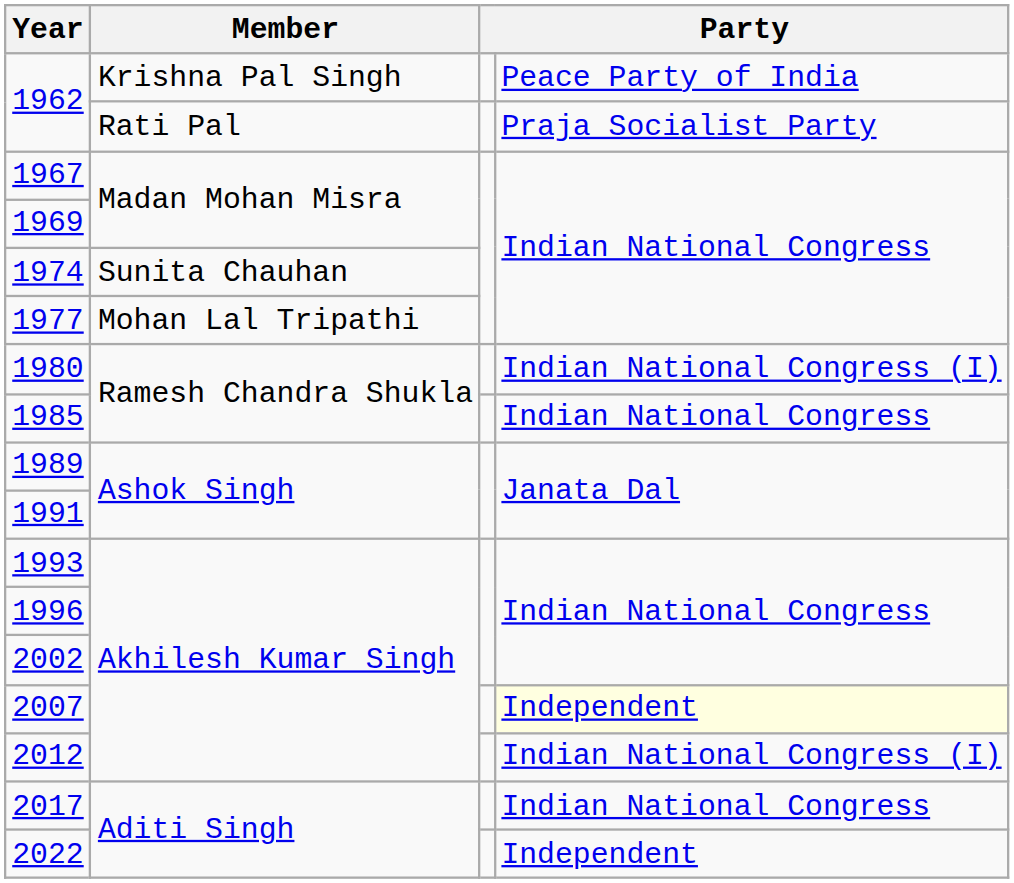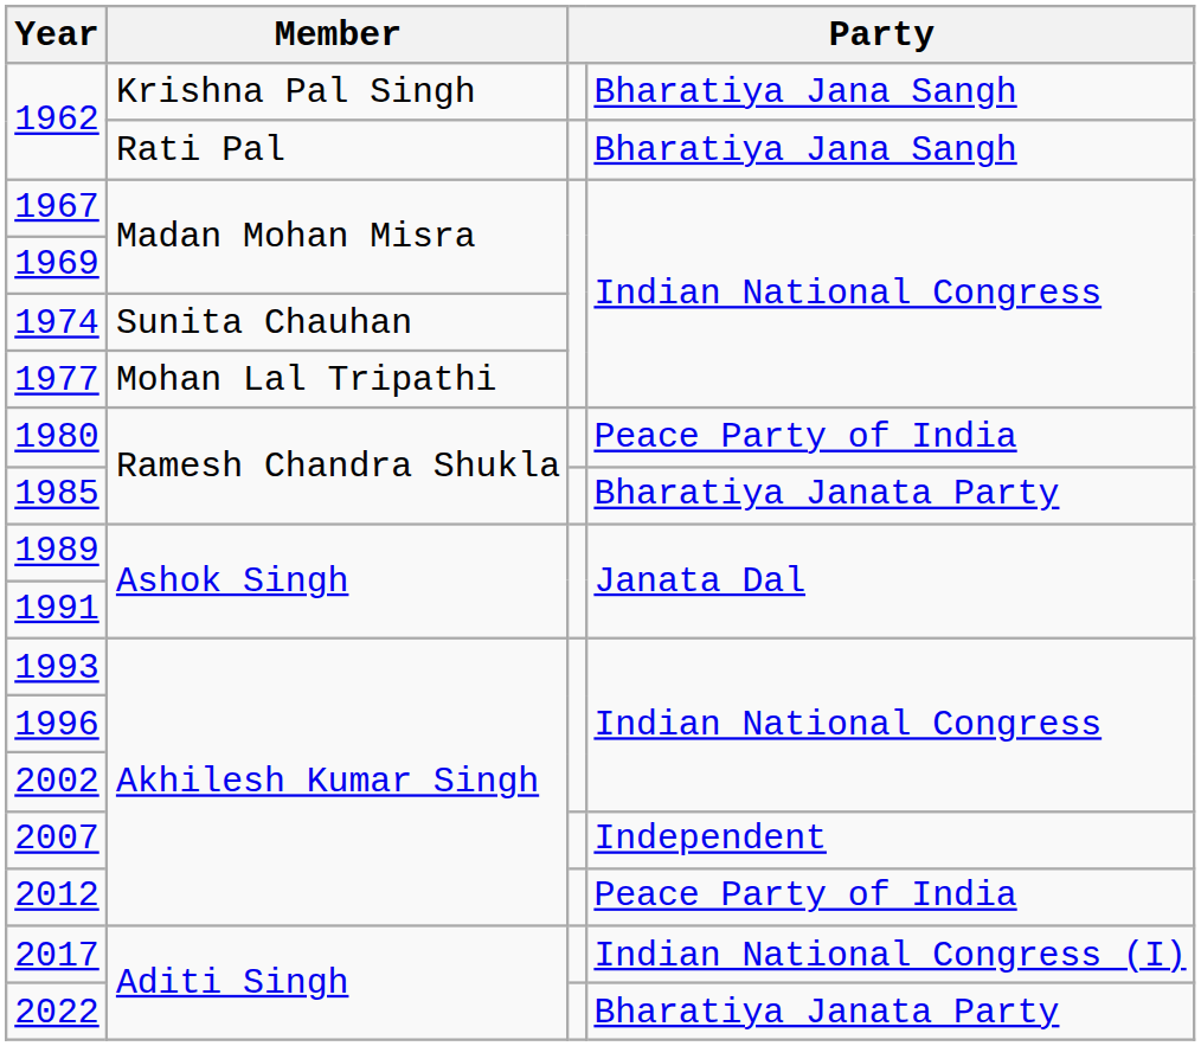 <table class="wikitable">
 <tr>
 <th>Year</th>
 <th>Member</th>
 <th colspan="2">Party</th>
 </tr>
 <tr>
 <td rowspan="2"><a href='#'>1962</a></td>
 <td>Krishna Pal Singh</td>
 <td style="background-color: "></td>
-<td><a href='#'>Peace Party of India</a></td>
+<td><a href='#'>Bharatiya Jana Sangh</a></td>
 </tr>
 <tr>
 <td>Rati Pal</td>
 <td style="background-color: "></td>
-<td><a href='#'>Praja Socialist Party</a></td>
+<td><a href='#'>Bharatiya Jana Sangh</a></td>
 </tr>
 <tr>
 <td><a href='#'>1967</a></td>
 <td rowspan="2">Madan Mohan Misra</td>
 <td rowspan="4" style="background-color: "></td>
 <td rowspan="4"><a href='#'>Indian National Congress</a></td>
 </tr>
 <tr>
 <td><a href='#'>1969</a></td>
 </tr>
 <tr>
 <td><a href='#'>1974</a></td>
 <td>Sunita Chauhan</td>
 </tr>
 <tr>
 <td><a href='#'>1977</a></td>
 <td>Mohan Lal Tripathi</td>
 </tr>
 <tr>
 <td><a href='#'>1980</a></td>
 <td rowspan="2">Ramesh Chandra Shukla</td>
 <td style="background-color: "></td>
-<td><a href='#'>Indian National Congress (I)</a></td>
+<td><a href='#'>Peace Party of India</a></td>
 </tr>
 <tr>
 <td><a href='#'>1985</a></td>
 <td style="background-color: "></td>
-<td><a href='#'>Indian National Congress</a></td>
+<td><a href='#'>Bharatiya Janata Party</a></td>
 </tr>
 <tr>
 <td><a href='#'>1989</a></td>
 <td rowspan="2"><a href='#'>Ashok Singh</a></td>
 <td rowspan="2" style="background-color: "></td>
 <td rowspan="2"><a href='#'>Janata Dal</a></td>
 </tr>
 <tr>
 <td><a href='#'>1991</a></td>
 </tr>
 <tr>
 <td><a href='#'>1993</a></td>
 <td rowspan="5"><a href='#'>Akhilesh Kumar Singh</a></td>
 <td rowspan="3" style="background-color: "></td>
 <td rowspan="3"><a href='#'>Indian National Congress</a></td>
 </tr>
 <tr>
 <td><a href='#'>1996</a></td>
 </tr>
 <tr>
 <td><a href='#'>2002</a></td>
 </tr>
 <tr>
 <td><a href='#'>2007</a></td>
 <td style="background-color: "></td>
-<td style="background: lightyellow;"><a href='#'>Independent</a></td>
+<td><a href='#'>Independent</a></td>
 </tr>
 <tr>
 <td><a href='#'>2012</a></td>
 <td style="background-color: "></td>
-<td><a href='#'>Indian National Congress (I)</a></td>
+<td><a href='#'>Peace Party of India</a></td>
 </tr>
 <tr>
 <td><a href='#'>2017</a></td>
 <td rowspan="2"><a href='#'>Aditi Singh</a></td>
 <td style="background-color: "></td>
-<td><a href='#'>Indian National Congress</a></td>
+<td><a href='#'>Indian National Congress (I)</a></td>
 </tr>
 <tr>
 <td><a href='#'>2022</a></td>
 <td style="background-color: "></td>
-<td><a href='#'>Independent</a></td>
+<td><a href='#'>Bharatiya Janata Party</a></td>
 </tr>
 </table>
